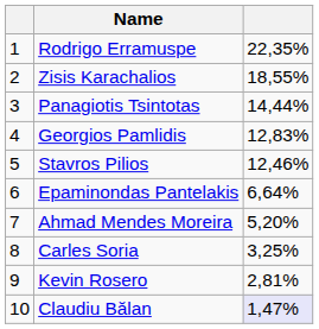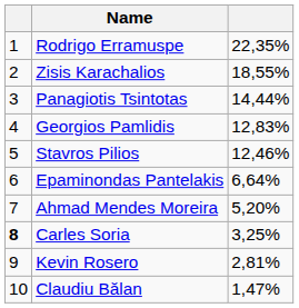 <table class="wikitable">
 <tr>
 <th></th>
 <th>Name</th>
 <th></th>
 </tr>
 <tr>
 <td>1</td>
 <td><a href='#'>Rodrigo Erramuspe</a></td>
 <td>22,35%</td>
 </tr>
 <tr>
 <td>2</td>
 <td><a href='#'>Zisis Karachalios</a></td>
 <td>18,55%</td>
 </tr>
 <tr>
 <td>3</td>
 <td><a href='#'>Panagiotis Tsintotas</a></td>
 <td>14,44%</td>
 </tr>
 <tr>
 <td>4</td>
 <td><a href='#'>Georgios Pamlidis</a></td>
 <td>12,83%</td>
 </tr>
 <tr>
 <td>5</td>
 <td><a href='#'>Stavros Pilios</a></td>
 <td>12,46%</td>
 </tr>
 <tr>
 <td>6</td>
 <td><a href='#'>Epaminondas Pantelakis</a></td>
 <td>6,64%</td>
 </tr>
 <tr>
 <td>7</td>
 <td><a href='#'>Ahmad Mendes Moreira</a></td>
 <td>5,20%</td>
 </tr>
 <tr>
-<td>8</td>
+<td><strong>8</strong></td>
 <td><a href='#'>Carles Soria</a></td>
 <td>3,25%</td>
 </tr>
 <tr>
 <td>9</td>
 <td><a href='#'>Kevin Rosero</a></td>
 <td>2,81%</td>
 </tr>
 <tr>
 <td>10</td>
 <td><a href='#'>Claudiu Bălan</a></td>
-<td style="background: lavender;">1,47%</td>
+<td>1,47%</td>
 </tr>
 </table>
